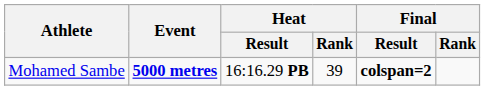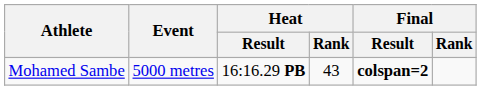 <table class="wikitable" style="font-size:90%">
 <tr>
 <th rowspan="2">Athlete</th>
 <th rowspan="2">Event</th>
 <th colspan="2">Heat</th>
 <th colspan="2">Final</th>
 </tr>
 <tr style="font-size:95%">
 <th>Result</th>
 <th>Rank</th>
 <th>Result</th>
 <th>Rank</th>
 </tr>
 <tr style=text-align:center>
 <td style=text-align:left><a href='#'>Mohamed Sambe</a></td>
-<td style=text-align:left><strong><a href='#'>5000 metres</a></strong></td>
+<td style=text-align:left><a href='#'>5000 metres</a></td>
 <td>16:16.29 <strong>PB</strong></td>
-<td>39</td>
+<td>43</td>
 <td><strong>colspan=2 </strong></td>
 </tr>
 </table>
